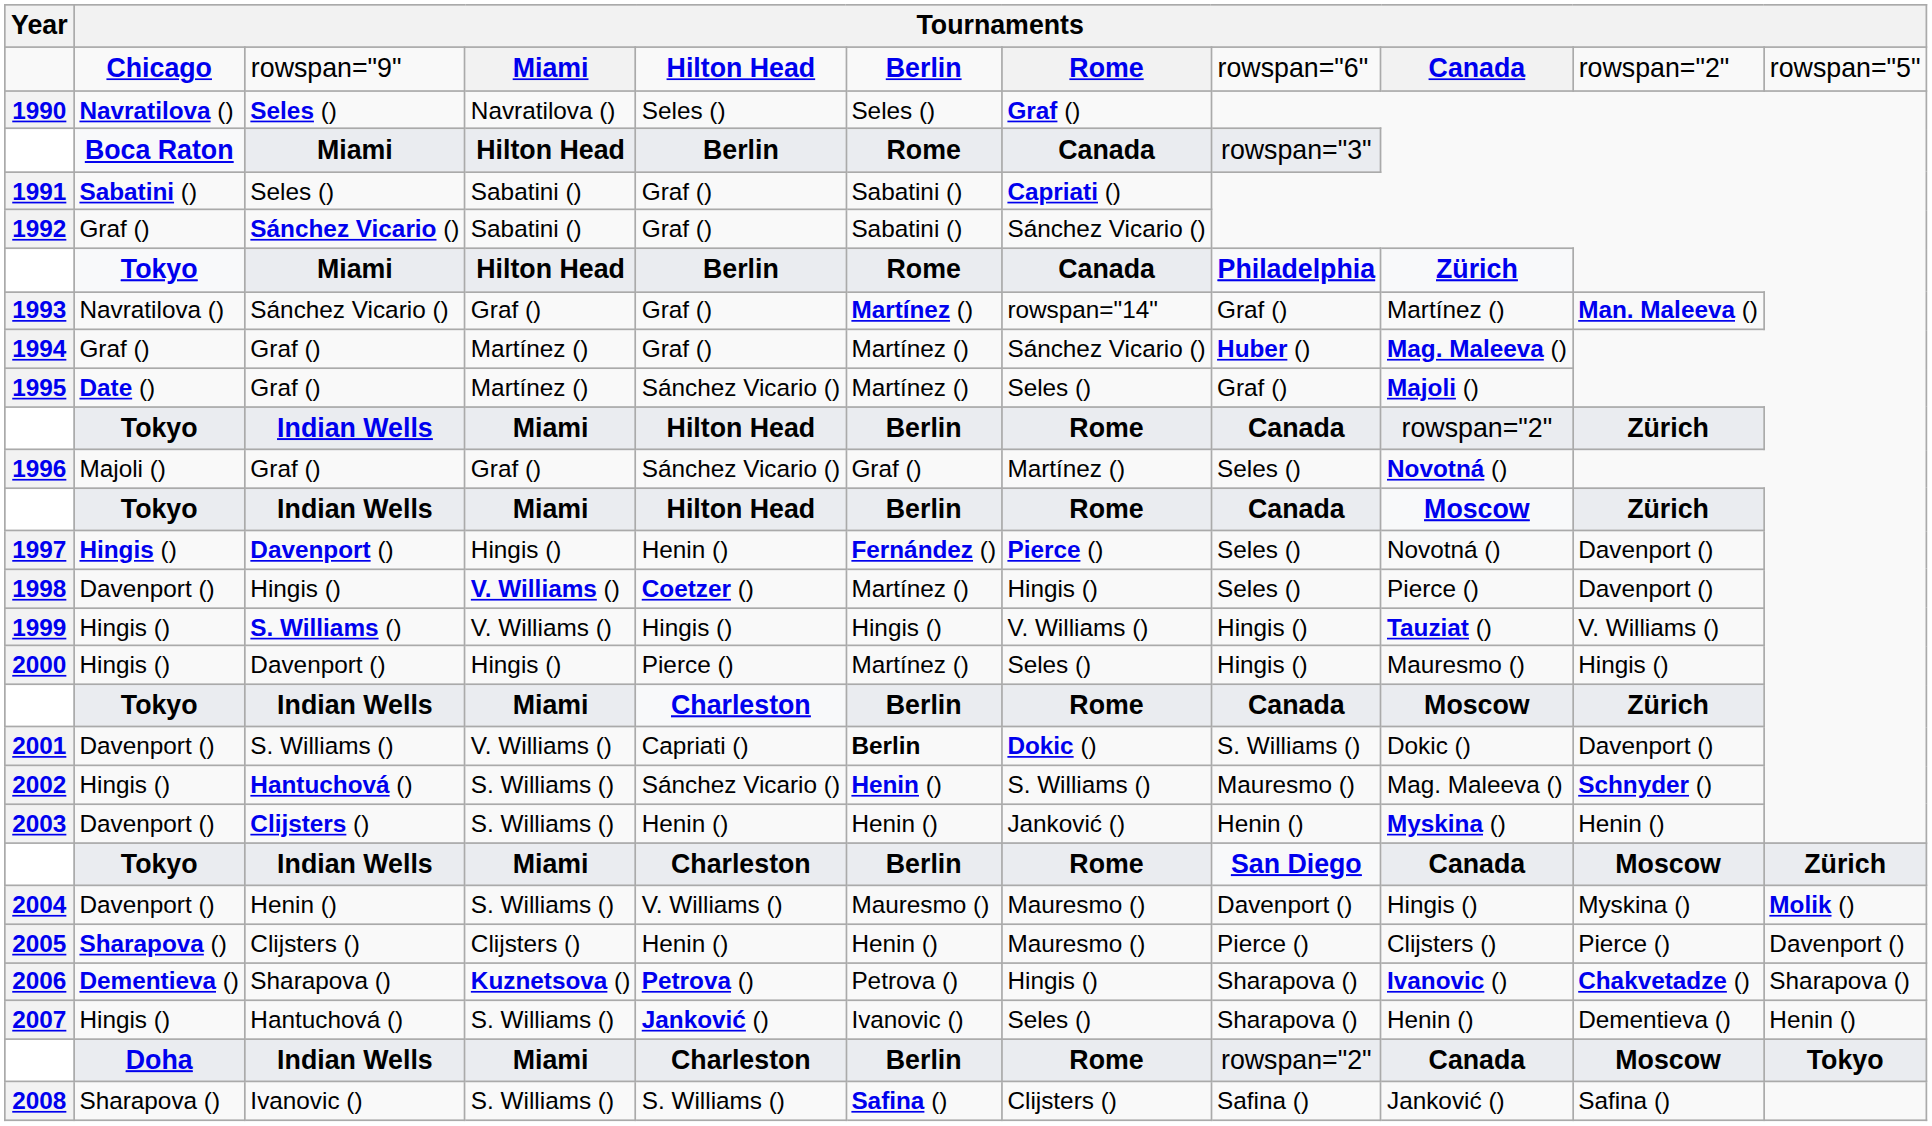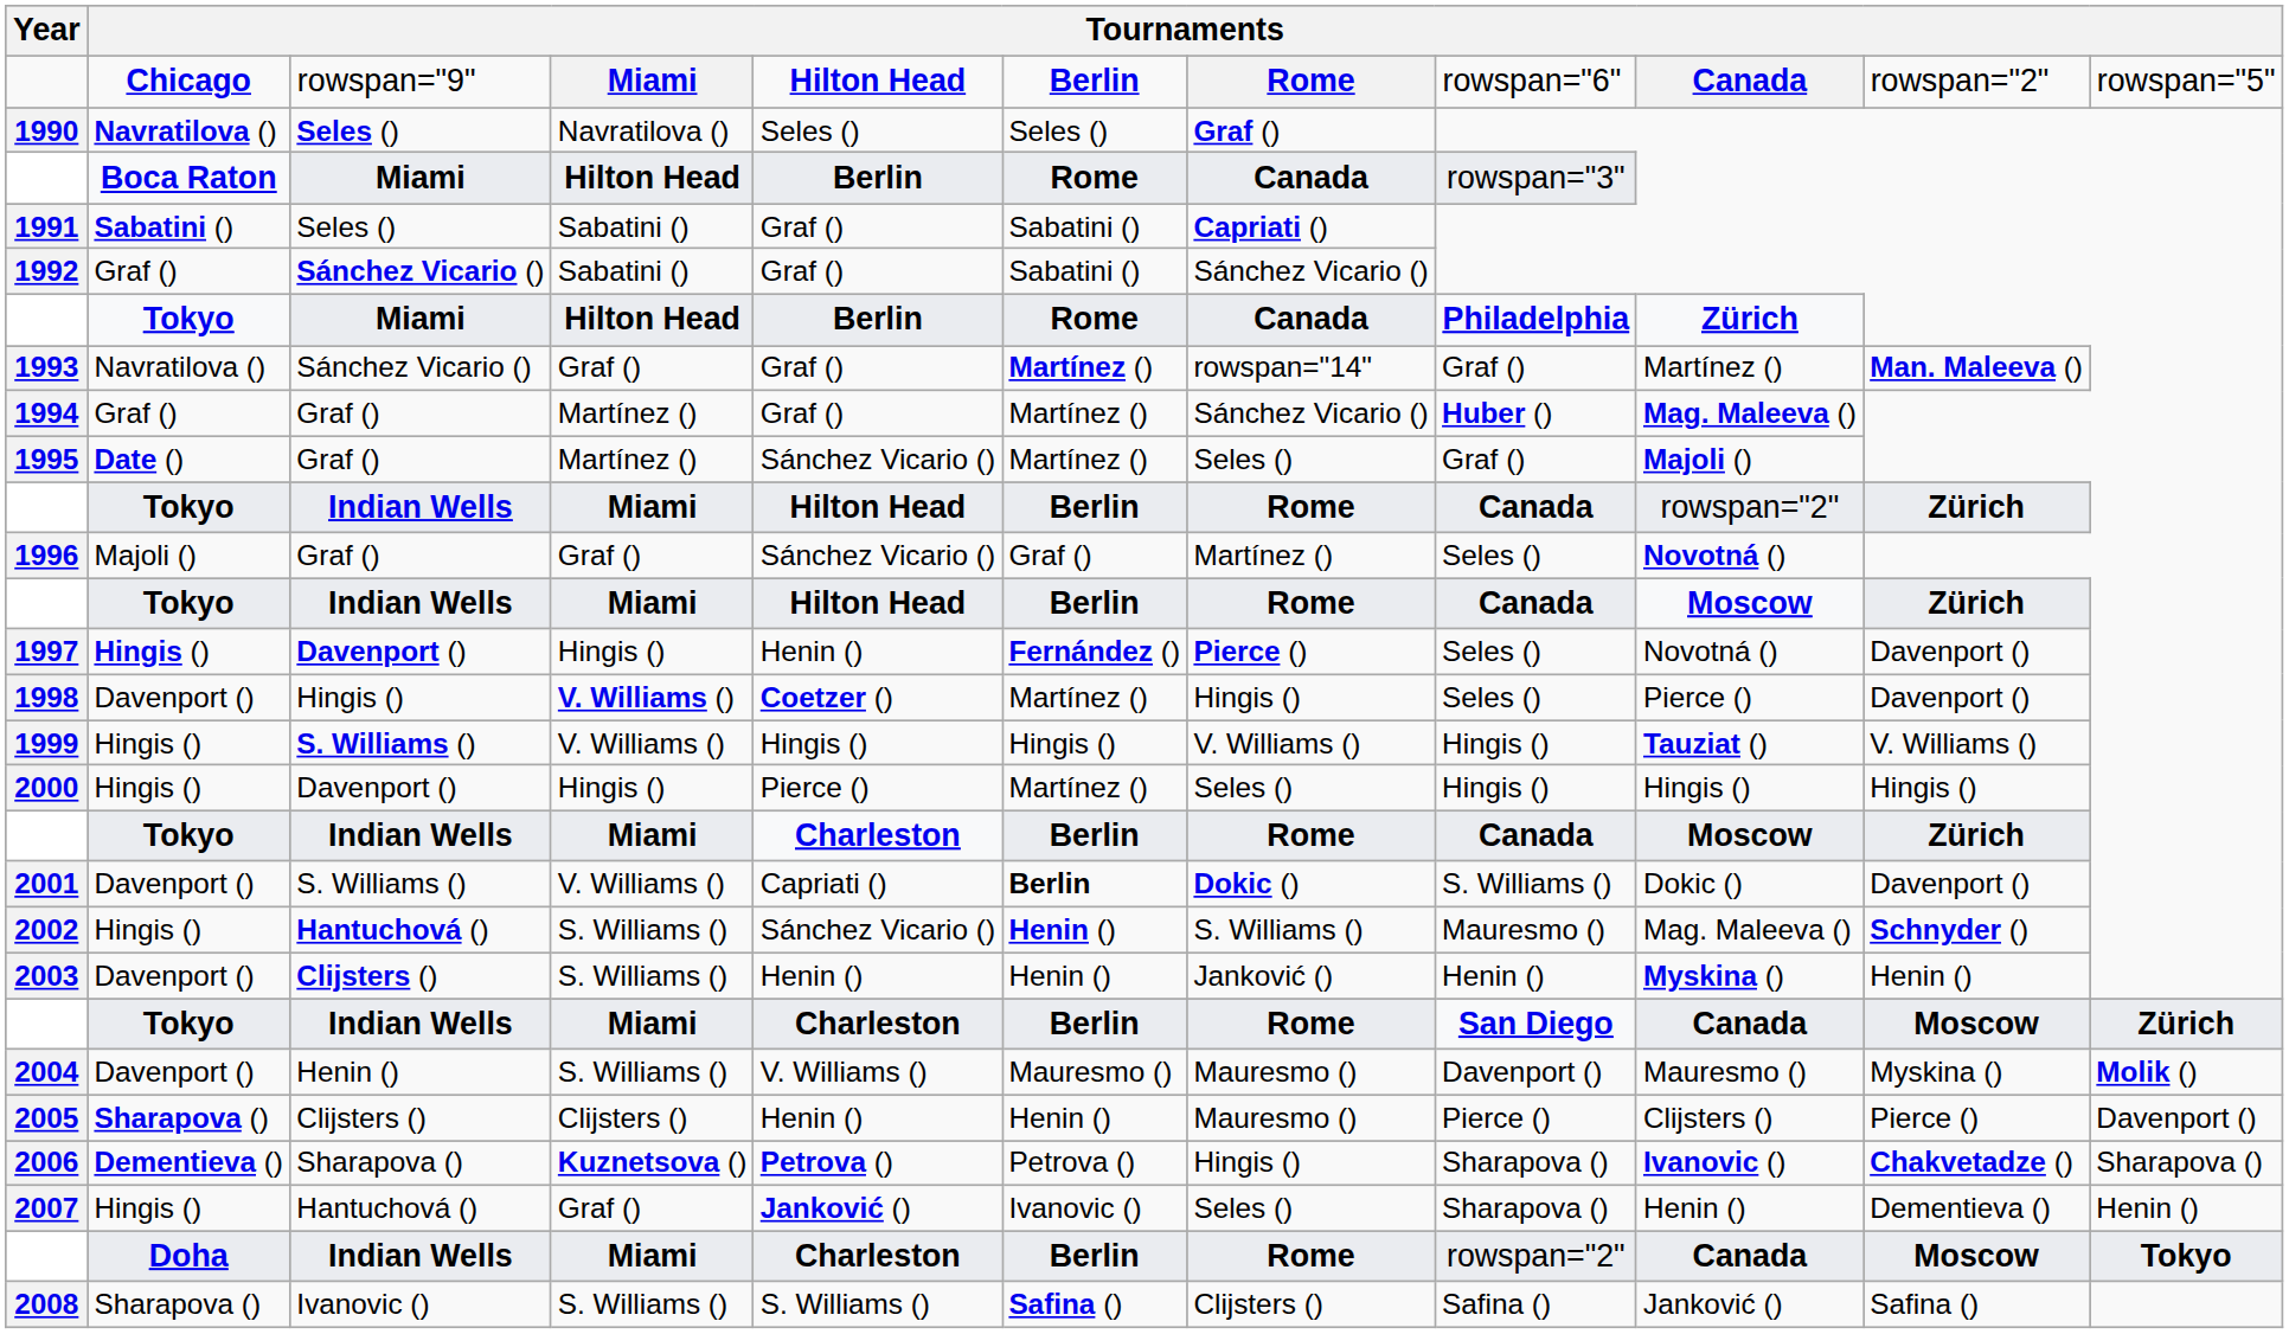 <table class="wikitable nowrap sticky-table-row1 sticky-table-col1" style="font-size:90%">
 <tr style="font-size:110%;">
 <th scope="col">Year</th>
 <th scope="colgroup" colspan=10>Tournaments</th>
 </tr>
 <tr style="font-size:110%">
 <td></td>
 <th scope="col" style="background:transparent"><a href='#'>Chicago</a></th>
 <td>rowspan="9" </td>
 <th scope="col"><a href='#'>Miami</a></th>
 <th scope="col" style="background:transparent"><a href='#'>Hilton Head</a></th>
 <th scope="col" style="background:transparent"><a href='#'>Berlin</a></th>
 <th scope="col"><a href='#'>Rome</a></th>
 <td>rowspan="6" </td>
 <th scope="col"><a href='#'>Canada</a></th>
 <td>rowspan="2" </td>
 <td>rowspan="5" </td>
 </tr>
 <tr>
 <th scope="row"><a href='#'>1990</a></th>
 <td> <a href='#'><strong>Navratilova</strong></a> ()</td>
 <td> <a href='#'><strong>Seles</strong></a> ()</td>
 <td> Navratilova ()</td>
 <td> Seles ()</td>
 <td> Seles ()</td>
 <td> <a href='#'><strong>Graf</strong></a> ()</td>
 </tr>
 <tr style="background:#EAECF0; font-size:110%; text-align:center">
 <td style="background:#fff"></td>
 <td style="background:#F8F9FA"><strong><a href='#'><u>Boca Raton</u></a></strong></td>
 <td><strong>Miami</strong></td>
 <td><strong>Hilton Head</strong></td>
 <td><strong>Berlin</strong></td>
 <td><strong>Rome</strong></td>
 <td><strong>Canada</strong></td>
 <td>rowspan="3" </td>
 </tr>
 <tr>
 <th scope="row"><a href='#'>1991</a></th>
 <td> <a href='#'><strong>Sabatini</strong></a> ()</td>
 <td> Seles ()</td>
 <td> Sabatini ()</td>
 <td> Graf ()</td>
 <td> Sabatini ()</td>
 <td> <a href='#'><strong>Capriati</strong></a> ()</td>
 </tr>
 <tr>
 <th scope="row"><a href='#'>1992</a></th>
 <td> Graf ()</td>
 <td> <a href='#'><strong>Sánchez Vicario</strong></a> ()</td>
 <td> Sabatini ()</td>
 <td> Graf ()</td>
 <td> Sabatini ()</td>
 <td> Sánchez Vicario ()</td>
 </tr>
 <tr style="background:#EAECF0; font-weight:bold; font-size:110%; text-align:center">
 <td style="background:#fff"></td>
 <td style="background:#F8F9FA"><a href='#'><u>Tokyo</u></a></td>
 <td>Miami</td>
 <td>Hilton Head</td>
 <td>Berlin</td>
 <td>Rome</td>
 <td>Canada</td>
 <td style="background:#F8F9FA"><a href='#'><u>Philadelphia</u></a></td>
 <td style="background:#F8F9FA"><a href='#'><u>Zürich</u></a></td>
 </tr>
 <tr>
 <th scope="row"><a href='#'>1993</a></th>
 <td> Navratilova ()</td>
 <td> Sánchez Vicario ()</td>
 <td> Graf ()</td>
 <td> Graf ()</td>
 <td> <a href='#'><strong>Martínez</strong></a> ()</td>
 <td>rowspan="14" </td>
 <td> Graf ()</td>
 <td> Martínez ()</td>
 <td> <a href='#'><strong>Man. Maleeva</strong></a> ()</td>
 </tr>
 <tr>
 <th scope="row"><a href='#'>1994</a></th>
 <td> Graf ()</td>
 <td> Graf ()</td>
 <td> Martínez ()</td>
 <td> Graf ()</td>
 <td> Martínez ()</td>
 <td> Sánchez Vicario ()</td>
 <td> <a href='#'><strong>Huber</strong></a> ()</td>
 <td> <a href='#'><strong>Mag. Maleeva</strong></a> ()</td>
 </tr>
 <tr>
 <th scope="row"><a href='#'>1995</a></th>
 <td> <a href='#'><strong>Date</strong></a> ()</td>
 <td> Graf ()</td>
 <td> Martínez ()</td>
 <td> Sánchez Vicario ()</td>
 <td> Martínez ()</td>
 <td> Seles ()</td>
 <td> Graf ()</td>
 <td> <a href='#'><strong>Majoli</strong></a> ()</td>
 </tr>
 <tr style="background:#EAECF0; font-size:110%; text-align:center">
 <td style="background:#fff"></td>
 <td><strong>Tokyo</strong></td>
 <td><strong><a href='#'><u>Indian Wells</u></a></strong></td>
 <td><strong>Miami</strong></td>
 <td><strong>Hilton Head</strong></td>
 <td><strong>Berlin</strong></td>
 <td><strong>Rome</strong></td>
 <td><strong>Canada</strong></td>
 <td>rowspan="2" </td>
 <td><strong>Zürich</strong></td>
 </tr>
 <tr>
 <th scope="row"><a href='#'>1996</a></th>
 <td> Majoli ()</td>
 <td> Graf ()</td>
 <td> Graf ()</td>
 <td> Sánchez Vicario ()</td>
 <td> Graf ()</td>
 <td> Martínez ()</td>
 <td> Seles ()</td>
 <td> <a href='#'><strong>Novotná</strong></a> ()</td>
 </tr>
 <tr style="background:#EAECF0; font-weight:bold; font-size:110%; text-align:center">
 <td style="background:#fff"></td>
 <td>Tokyo</td>
 <td>Indian Wells</td>
 <td>Miami</td>
 <td>Hilton Head</td>
 <td>Berlin</td>
 <td>Rome</td>
 <td>Canada</td>
 <td style="background:#F8F9FA"><a href='#'><u>Moscow</u></a></td>
 <td>Zürich</td>
 </tr>
 <tr>
 <th scope="row"><a href='#'>1997</a></th>
 <td> <a href='#'><strong>Hingis</strong></a> ()</td>
 <td> <a href='#'><strong>Davenport</strong></a> ()</td>
 <td> Hingis ()</td>
 <td> Henin ()</td>
 <td> <a href='#'><strong>Fernández</strong></a> ()</td>
 <td> <a href='#'><strong>Pierce</strong></a> ()</td>
 <td> Seles ()</td>
 <td> Novotná ()</td>
 <td> Davenport ()</td>
 </tr>
 <tr>
 <th scope="row"><a href='#'>1998</a></th>
 <td> Davenport ()</td>
 <td> Hingis ()</td>
 <td> <a href='#'><strong>V. Williams</strong></a> ()</td>
 <td> <a href='#'><strong>Coetzer</strong></a> ()</td>
 <td> Martínez ()</td>
 <td> Hingis ()</td>
 <td> Seles ()</td>
 <td> Pierce ()</td>
 <td> Davenport ()</td>
 </tr>
 <tr>
 <th scope="row"><a href='#'>1999</a></th>
 <td> Hingis ()</td>
 <td> <a href='#'><strong>S. Williams</strong></a> ()</td>
 <td> V. Williams ()</td>
 <td> Hingis ()</td>
 <td> Hingis ()</td>
 <td> V. Williams ()</td>
 <td> Hingis ()</td>
 <td> <a href='#'><strong>Tauziat</strong></a> ()</td>
 <td> V. Williams ()</td>
 </tr>
 <tr>
 <th scope="row"><a href='#'>2000</a></th>
 <td> Hingis ()</td>
 <td> Davenport ()</td>
 <td> Hingis ()</td>
 <td> Pierce ()</td>
 <td> Martínez ()</td>
 <td> Seles ()</td>
 <td> Hingis ()</td>
-<td> Mauresmo ()</td>
+<td> Hingis ()</td>
 <td> Hingis ()</td>
 </tr>
 <tr style="background:#EAECF0; font-weight:bold; font-size:110%; text-align:center">
 <td style="background:#fff"></td>
 <td>Tokyo</td>
 <td>Indian Wells</td>
 <td>Miami</td>
 <td style="background:#F8F9FA"><a href='#'><u>Charleston</u></a></td>
 <td>Berlin</td>
 <td>Rome</td>
 <td>Canada</td>
 <td>Moscow</td>
 <td>Zürich</td>
 </tr>
 <tr>
 <th scope="row"><a href='#'>2001</a></th>
 <td> Davenport ()</td>
 <td> S. Williams ()</td>
 <td> V. Williams ()</td>
 <td> Capriati ()</td>
 <td><strong>Berlin</strong></td>
 <td> <a href='#'><strong>Dokic</strong></a> ()</td>
 <td> S. Williams ()</td>
 <td> Dokic ()</td>
 <td> Davenport ()</td>
 </tr>
 <tr>
 <th scope="row"><a href='#'>2002</a></th>
 <td> Hingis ()</td>
 <td> <a href='#'><strong>Hantuchová</strong></a> ()</td>
 <td> S. Williams ()</td>
 <td> Sánchez Vicario ()</td>
 <td> <a href='#'><strong>Henin</strong></a> ()</td>
 <td> S. Williams ()</td>
 <td> Mauresmo ()</td>
 <td> Mag. Maleeva ()</td>
 <td> <a href='#'><strong>Schnyder</strong></a> ()</td>
 </tr>
 <tr>
 <th scope="row"><a href='#'>2003</a></th>
 <td> Davenport ()</td>
 <td> <a href='#'><strong>Clijsters</strong></a> ()</td>
 <td> S. Williams ()</td>
 <td> Henin ()</td>
 <td> Henin ()</td>
 <td> Janković ()</td>
 <td> Henin ()</td>
 <td> <a href='#'><strong>Myskina</strong></a> ()</td>
 <td> Henin ()</td>
 </tr>
 <tr style="background:#EAECF0; font-weight:bold; font-size:110%; text-align:center">
 <td style="background:#fff"></td>
 <td>Tokyo</td>
 <td>Indian Wells</td>
 <td>Miami</td>
 <td>Charleston</td>
 <td>Berlin</td>
 <td>Rome</td>
 <td style="background:#F8F9FA"><a href='#'><u>San Diego</u></a></td>
 <td>Canada</td>
 <td>Moscow</td>
 <td>Zürich</td>
 </tr>
 <tr>
 <th scope="row"><a href='#'>2004</a></th>
 <td> Davenport ()</td>
 <td> Henin ()</td>
 <td> S. Williams ()</td>
 <td> V. Williams ()</td>
 <td> Mauresmo ()</td>
 <td> Mauresmo ()</td>
 <td> Davenport ()</td>
-<td> Hingis ()</td>
+<td> Mauresmo ()</td>
 <td> Myskina ()</td>
 <td> <a href='#'><strong>Molik</strong></a> ()</td>
 </tr>
 <tr>
 <th scope="row"><a href='#'>2005</a></th>
 <td> <a href='#'><strong>Sharapova</strong></a> ()</td>
 <td> Clijsters ()</td>
 <td> Clijsters ()</td>
 <td> Henin ()</td>
 <td> Henin ()</td>
 <td> Mauresmo ()</td>
 <td> Pierce ()</td>
 <td> Clijsters ()</td>
 <td> Pierce ()</td>
 <td> Davenport ()</td>
 </tr>
 <tr>
 <th scope="row"><a href='#'>2006</a></th>
 <td> <a href='#'><strong>Dementieva</strong></a> ()</td>
 <td> Sharapova ()</td>
 <td> <a href='#'><strong>Kuznetsova</strong></a> ()</td>
 <td> <a href='#'><strong>Petrova</strong></a> ()</td>
 <td> Petrova ()</td>
 <td> Hingis ()</td>
 <td> Sharapova ()</td>
 <td> <a href='#'><strong>Ivanovic</strong></a> ()</td>
 <td> <a href='#'><strong>Chakvetadze</strong></a> ()</td>
 <td> Sharapova ()</td>
 </tr>
 <tr>
 <th scope="row"><a href='#'>2007</a></th>
 <td> Hingis ()</td>
 <td> Hantuchová ()</td>
-<td> S. Williams ()</td>
+<td> Graf ()</td>
 <td> <a href='#'><strong>Janković</strong></a> ()</td>
 <td> Ivanovic ()</td>
 <td> Seles ()</td>
 <td> Sharapova ()</td>
 <td> Henin ()</td>
 <td> Dementieva ()</td>
 <td> Henin ()</td>
 </tr>
 <tr style="background:#EAECF0; font-size:110%; text-align:center">
 <td style="background:#fff"></td>
 <td><strong><a href='#'><u>Doha</u></a></strong></td>
 <td><strong>Indian Wells</strong></td>
 <td><strong>Miami</strong></td>
 <td><strong>Charleston</strong></td>
 <td><strong>Berlin</strong></td>
 <td><strong>Rome</strong></td>
 <td>rowspan="2" </td>
 <td><strong>Canada</strong></td>
 <td><strong>Moscow</strong></td>
 <td><strong>Tokyo</strong></td>
 </tr>
 <tr>
 <th scope="row"><a href='#'>2008</a></th>
 <td> Sharapova ()</td>
 <td> Ivanovic ()</td>
 <td> S. Williams ()</td>
 <td> S. Williams ()</td>
 <td> <a href='#'><strong>Safina</strong></a> ()</td>
 <td> Clijsters ()</td>
 <td> Safina ()</td>
 <td> Janković ()</td>
 <td> Safina ()</td>
 </tr>
 </table>
